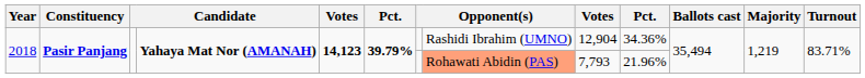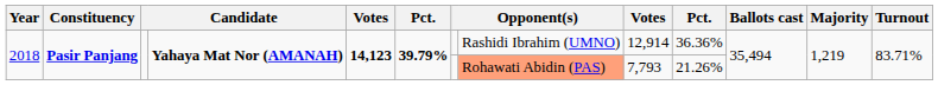 <table class="wikitable" style="margin:0.5em ; font-size:95%">
 <tr>
 <th>Year</th>
 <th>Constituency</th>
 <th colspan="2">Candidate</th>
 <th>Votes</th>
 <th>Pct.</th>
 <th colspan="2">Opponent(s)</th>
 <th>Votes</th>
 <th>Pct.</th>
 <th>Ballots cast</th>
 <th>Majority</th>
 <th>Turnout</th>
 </tr>
 <tr>
 <td rowspan="2"><a href='#'>2018</a></td>
 <td rowspan="2"><a href='#'><strong>Pasir Panjang</strong></a></td>
 <td rowspan="2" ></td>
 <td rowspan="2"><strong>Yahaya Mat Nor (<a href='#'>AMANAH</a>)</strong></td>
 <td rowspan="2"><strong>14,123</strong></td>
 <td rowspan="2"><strong>39.79%</strong></td>
 <td></td>
 <td>Rashidi Ibrahim (<a href='#'>UMNO</a>)</td>
-<td>12,904</td>
-<td>34.36%</td>
+<td>12,914</td>
+<td>36.36%</td>
 <td rowspan="2">35,494</td>
 <td rowspan="2">1,219</td>
 <td rowspan="2">83.71%</td>
 </tr>
 <tr>
 <td></td>
 <td style="background: lightsalmon;">Rohawati Abidin (<a href='#'>PAS</a>)</td>
 <td>7,793</td>
-<td>21.96%</td>
+<td>21.26%</td>
 </tr>
 </table>
